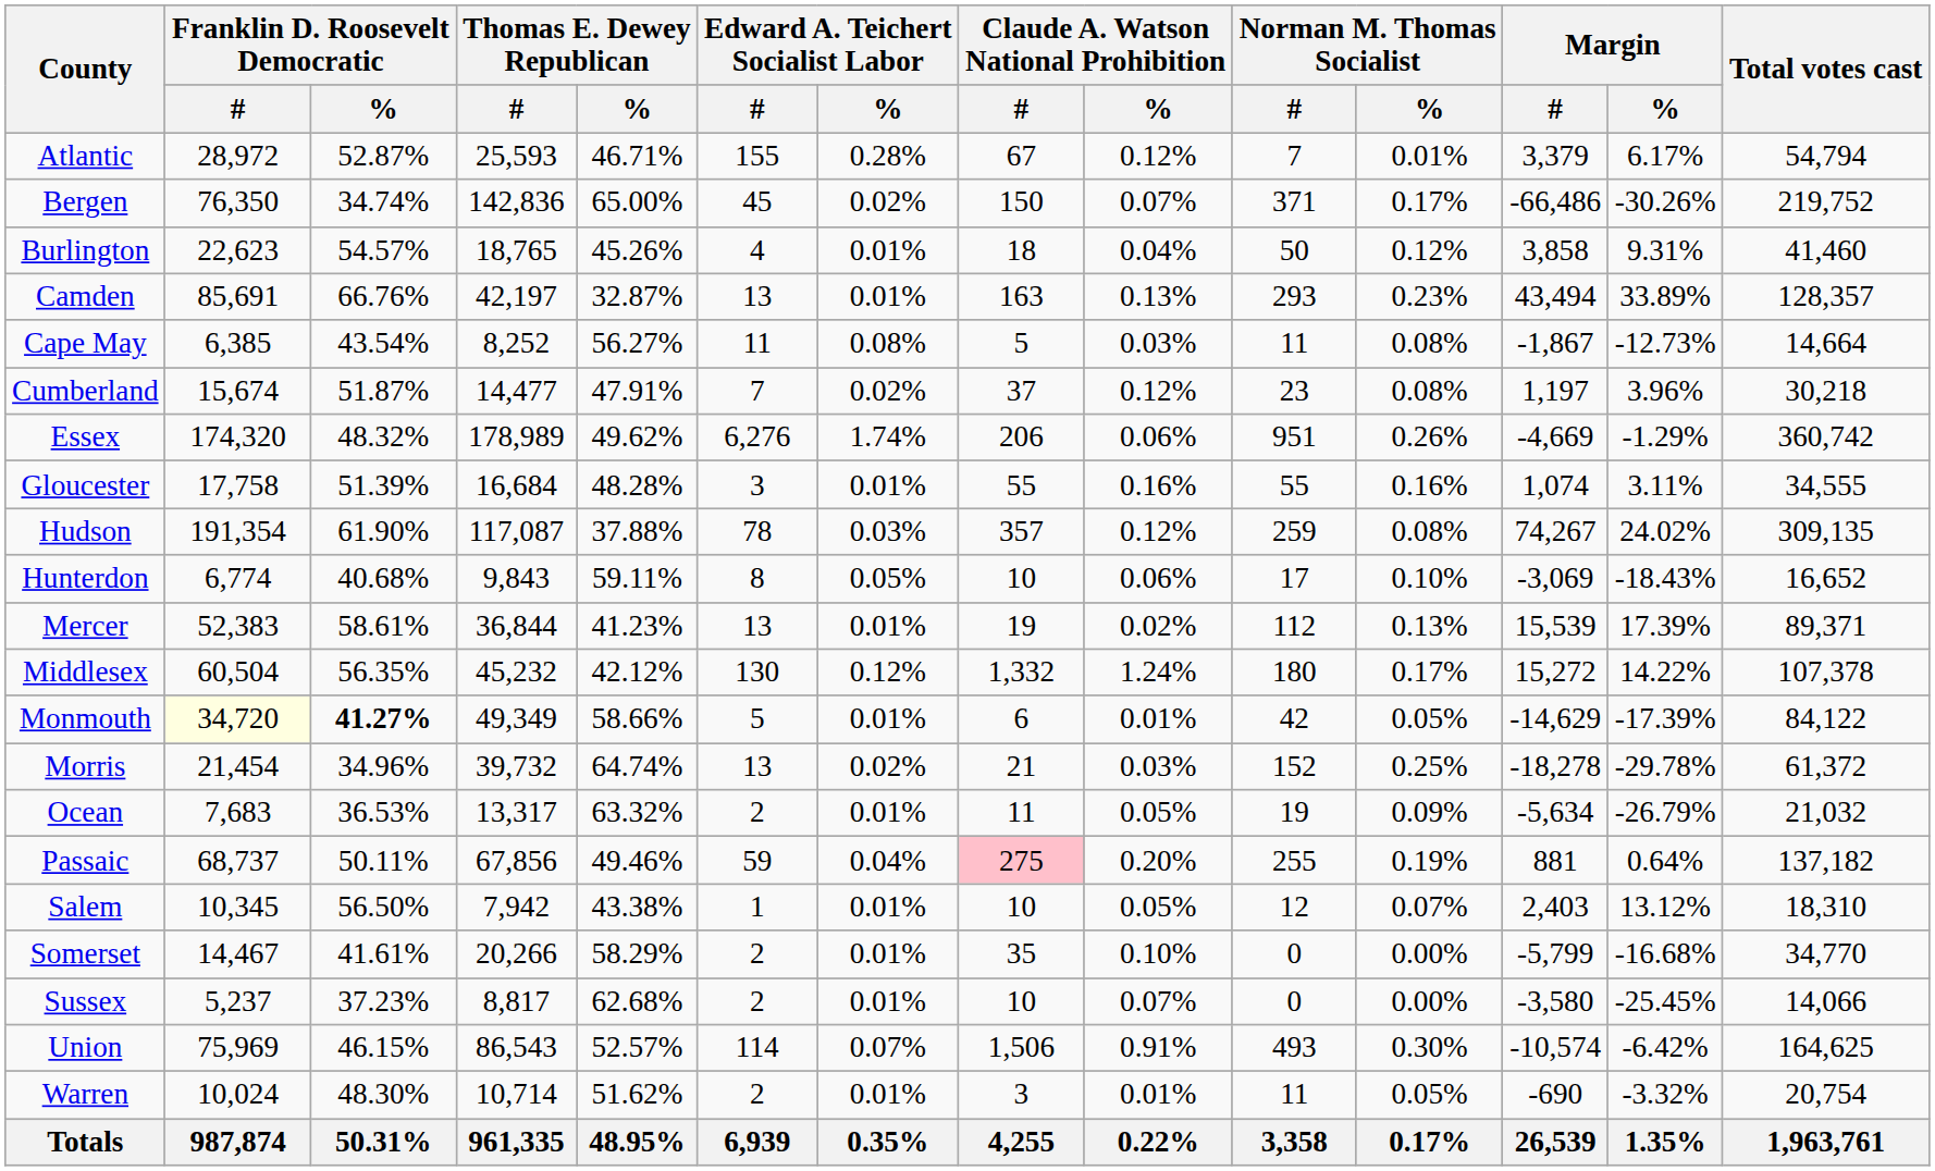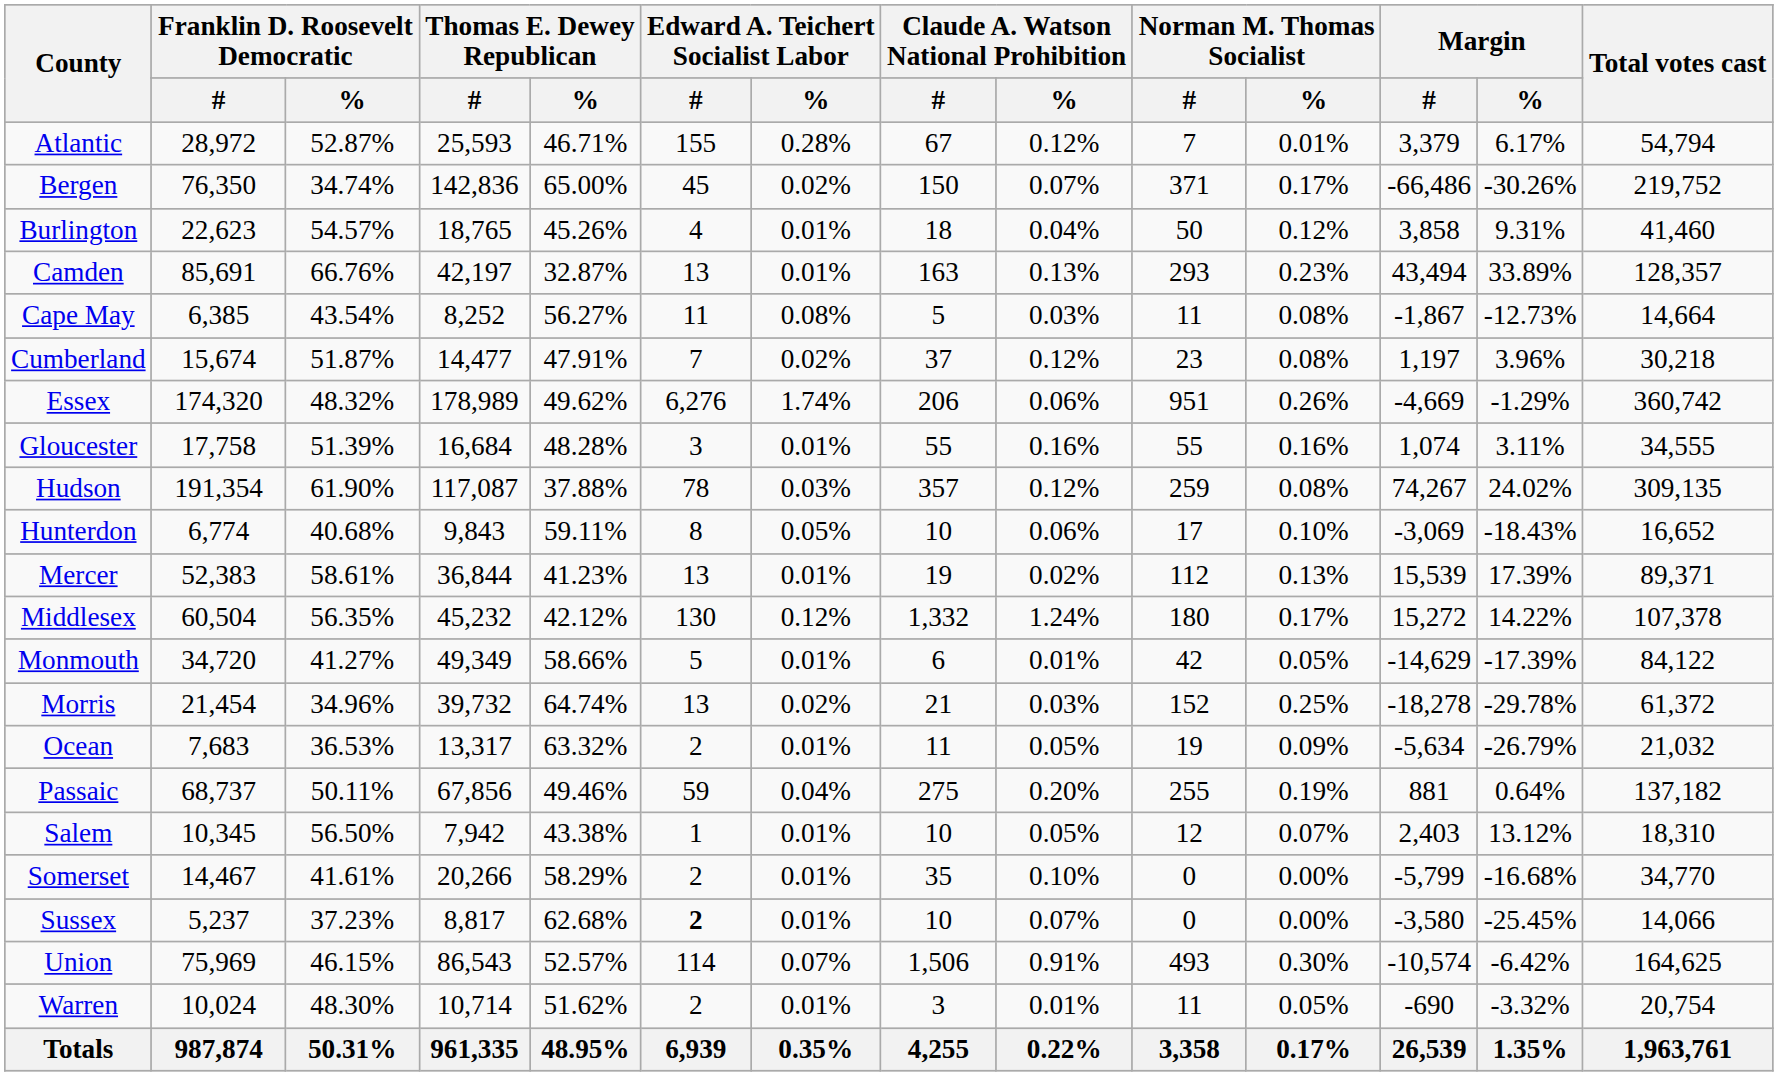 <table class="wikitable sortable">
 <tr>
 <th style="text-align:center;" rowspan="2">County</th>
 <th style="text-align:center;" colspan="2">Franklin D. Roosevelt<br>Democratic</th>
 <th style="text-align:center;" colspan="2">Thomas E. Dewey<br>Republican</th>
 <th style="text-align:center;" colspan="2">Edward A. Teichert<br>Socialist Labor</th>
 <th style="text-align:center;" colspan="2">Claude A. Watson<br>National Prohibition</th>
 <th style="text-align:center;" colspan="2">Norman M. Thomas<br>Socialist</th>
 <th style="text-align:center;" colspan="2">Margin</th>
 <th style="text-align:center;" rowspan="2">Total votes cast</th>
 </tr>
 <tr>
 <th data-sort-type="number">#</th>
 <th data-sort-type="number">%</th>
 <th data-sort-type="number">#</th>
 <th data-sort-type="number">%</th>
 <th data-sort-type="number">#</th>
 <th data-sort-type="number">%</th>
 <th data-sort-type="number">#</th>
 <th data-sort-type="number">%</th>
 <th data-sort-type="number">#</th>
 <th data-sort-type="number">%</th>
 <th data-sort-type="number">#</th>
 <th data-sort-type="number">%</th>
 </tr>
 <tr style="text-align:center;">
 <td><a href='#'>Atlantic</a></td>
 <td>28,972</td>
 <td>52.87%</td>
 <td>25,593</td>
 <td>46.71%</td>
 <td>155</td>
 <td>0.28%</td>
 <td>67</td>
 <td>0.12%</td>
 <td>7</td>
 <td>0.01%</td>
 <td>3,379</td>
 <td>6.17%</td>
 <td>54,794</td>
 </tr>
 <tr style="text-align:center;">
 <td><a href='#'>Bergen</a></td>
 <td>76,350</td>
 <td>34.74%</td>
 <td>142,836</td>
 <td>65.00%</td>
 <td>45</td>
 <td>0.02%</td>
 <td>150</td>
 <td>0.07%</td>
 <td>371</td>
 <td>0.17%</td>
 <td>-66,486</td>
 <td>-30.26%</td>
 <td>219,752</td>
 </tr>
 <tr style="text-align:center;">
 <td><a href='#'>Burlington</a></td>
 <td>22,623</td>
 <td>54.57%</td>
 <td>18,765</td>
 <td>45.26%</td>
 <td>4</td>
 <td>0.01%</td>
 <td>18</td>
 <td>0.04%</td>
 <td>50</td>
 <td>0.12%</td>
 <td>3,858</td>
 <td>9.31%</td>
 <td>41,460</td>
 </tr>
 <tr style="text-align:center;">
 <td><a href='#'>Camden</a></td>
 <td>85,691</td>
 <td>66.76%</td>
 <td>42,197</td>
 <td>32.87%</td>
 <td>13</td>
 <td>0.01%</td>
 <td>163</td>
 <td>0.13%</td>
 <td>293</td>
 <td>0.23%</td>
 <td>43,494</td>
 <td>33.89%</td>
 <td>128,357</td>
 </tr>
 <tr style="text-align:center;">
 <td><a href='#'>Cape May</a></td>
 <td>6,385</td>
 <td>43.54%</td>
 <td>8,252</td>
 <td>56.27%</td>
 <td>11</td>
 <td>0.08%</td>
 <td>5</td>
 <td>0.03%</td>
 <td>11</td>
 <td>0.08%</td>
 <td>-1,867</td>
 <td>-12.73%</td>
 <td>14,664</td>
 </tr>
 <tr style="text-align:center;">
 <td><a href='#'>Cumberland</a></td>
 <td>15,674</td>
 <td>51.87%</td>
 <td>14,477</td>
 <td>47.91%</td>
 <td>7</td>
 <td>0.02%</td>
 <td>37</td>
 <td>0.12%</td>
 <td>23</td>
 <td>0.08%</td>
 <td>1,197</td>
 <td>3.96%</td>
 <td>30,218</td>
 </tr>
 <tr style="text-align:center;">
 <td><a href='#'>Essex</a></td>
 <td>174,320</td>
 <td>48.32%</td>
 <td>178,989</td>
 <td>49.62%</td>
 <td>6,276</td>
 <td>1.74%</td>
 <td>206</td>
 <td>0.06%</td>
 <td>951</td>
 <td>0.26%</td>
 <td>-4,669</td>
 <td>-1.29%</td>
 <td>360,742</td>
 </tr>
 <tr style="text-align:center;">
 <td><a href='#'>Gloucester</a></td>
 <td>17,758</td>
 <td>51.39%</td>
 <td>16,684</td>
 <td>48.28%</td>
 <td>3</td>
 <td>0.01%</td>
 <td>55</td>
 <td>0.16%</td>
 <td>55</td>
 <td>0.16%</td>
 <td>1,074</td>
 <td>3.11%</td>
 <td>34,555</td>
 </tr>
 <tr style="text-align:center;">
 <td><a href='#'>Hudson</a></td>
 <td>191,354</td>
 <td>61.90%</td>
 <td>117,087</td>
 <td>37.88%</td>
 <td>78</td>
 <td>0.03%</td>
 <td>357</td>
 <td>0.12%</td>
 <td>259</td>
 <td>0.08%</td>
 <td>74,267</td>
 <td>24.02%</td>
 <td>309,135</td>
 </tr>
 <tr style="text-align:center;">
 <td><a href='#'>Hunterdon</a></td>
 <td>6,774</td>
 <td>40.68%</td>
 <td>9,843</td>
 <td>59.11%</td>
 <td>8</td>
 <td>0.05%</td>
 <td>10</td>
 <td>0.06%</td>
 <td>17</td>
 <td>0.10%</td>
 <td>-3,069</td>
 <td>-18.43%</td>
 <td>16,652</td>
 </tr>
 <tr style="text-align:center;">
 <td><a href='#'>Mercer</a></td>
 <td>52,383</td>
 <td>58.61%</td>
 <td>36,844</td>
 <td>41.23%</td>
 <td>13</td>
 <td>0.01%</td>
 <td>19</td>
 <td>0.02%</td>
 <td>112</td>
 <td>0.13%</td>
 <td>15,539</td>
 <td>17.39%</td>
 <td>89,371</td>
 </tr>
 <tr style="text-align:center;">
 <td><a href='#'>Middlesex</a></td>
 <td>60,504</td>
 <td>56.35%</td>
 <td>45,232</td>
 <td>42.12%</td>
 <td>130</td>
 <td>0.12%</td>
 <td>1,332</td>
 <td>1.24%</td>
 <td>180</td>
 <td>0.17%</td>
 <td>15,272</td>
 <td>14.22%</td>
 <td>107,378</td>
 </tr>
 <tr style="text-align:center;">
 <td><a href='#'>Monmouth</a></td>
-<td style="background: lightyellow;">34,720</td>
-<td><strong>41.27%</strong></td>
+<td>34,720</td>
+<td>41.27%</td>
 <td>49,349</td>
 <td>58.66%</td>
 <td>5</td>
 <td>0.01%</td>
 <td>6</td>
 <td>0.01%</td>
 <td>42</td>
 <td>0.05%</td>
 <td>-14,629</td>
 <td>-17.39%</td>
 <td>84,122</td>
 </tr>
 <tr style="text-align:center;">
 <td><a href='#'>Morris</a></td>
 <td>21,454</td>
 <td>34.96%</td>
 <td>39,732</td>
 <td>64.74%</td>
 <td>13</td>
 <td>0.02%</td>
 <td>21</td>
 <td>0.03%</td>
 <td>152</td>
 <td>0.25%</td>
 <td>-18,278</td>
 <td>-29.78%</td>
 <td>61,372</td>
 </tr>
 <tr style="text-align:center;">
 <td><a href='#'>Ocean</a></td>
 <td>7,683</td>
 <td>36.53%</td>
 <td>13,317</td>
 <td>63.32%</td>
 <td>2</td>
 <td>0.01%</td>
 <td>11</td>
 <td>0.05%</td>
 <td>19</td>
 <td>0.09%</td>
 <td>-5,634</td>
 <td>-26.79%</td>
 <td>21,032</td>
 </tr>
 <tr style="text-align:center;">
 <td><a href='#'>Passaic</a></td>
 <td>68,737</td>
 <td>50.11%</td>
 <td>67,856</td>
 <td>49.46%</td>
 <td>59</td>
 <td>0.04%</td>
-<td style="background: pink;">275</td>
+<td>275</td>
 <td>0.20%</td>
 <td>255</td>
 <td>0.19%</td>
 <td>881</td>
 <td>0.64%</td>
 <td>137,182</td>
 </tr>
 <tr style="text-align:center;">
 <td><a href='#'>Salem</a></td>
 <td>10,345</td>
 <td>56.50%</td>
 <td>7,942</td>
 <td>43.38%</td>
 <td>1</td>
 <td>0.01%</td>
 <td>10</td>
 <td>0.05%</td>
 <td>12</td>
 <td>0.07%</td>
 <td>2,403</td>
 <td>13.12%</td>
 <td>18,310</td>
 </tr>
 <tr style="text-align:center;">
 <td><a href='#'>Somerset</a></td>
 <td>14,467</td>
 <td>41.61%</td>
 <td>20,266</td>
 <td>58.29%</td>
 <td>2</td>
 <td>0.01%</td>
 <td>35</td>
 <td>0.10%</td>
 <td>0</td>
 <td>0.00%</td>
 <td>-5,799</td>
 <td>-16.68%</td>
 <td>34,770</td>
 </tr>
 <tr style="text-align:center;">
 <td><a href='#'>Sussex</a></td>
 <td>5,237</td>
 <td>37.23%</td>
 <td>8,817</td>
 <td>62.68%</td>
-<td>2</td>
+<td><strong>2</strong></td>
 <td>0.01%</td>
 <td>10</td>
 <td>0.07%</td>
 <td>0</td>
 <td>0.00%</td>
 <td>-3,580</td>
 <td>-25.45%</td>
 <td>14,066</td>
 </tr>
 <tr style="text-align:center;">
 <td><a href='#'>Union</a></td>
 <td>75,969</td>
 <td>46.15%</td>
 <td>86,543</td>
 <td>52.57%</td>
 <td>114</td>
 <td>0.07%</td>
 <td>1,506</td>
 <td>0.91%</td>
 <td>493</td>
 <td>0.30%</td>
 <td>-10,574</td>
 <td>-6.42%</td>
 <td>164,625</td>
 </tr>
 <tr style="text-align:center;">
 <td><a href='#'>Warren</a></td>
 <td>10,024</td>
 <td>48.30%</td>
 <td>10,714</td>
 <td>51.62%</td>
 <td>2</td>
 <td>0.01%</td>
 <td>3</td>
 <td>0.01%</td>
 <td>11</td>
 <td>0.05%</td>
 <td>-690</td>
 <td>-3.32%</td>
 <td>20,754</td>
 </tr>
 <tr style="text-align:center;">
 <th>Totals</th>
 <th>987,874</th>
 <th>50.31%</th>
 <th>961,335</th>
 <th>48.95%</th>
 <th>6,939</th>
 <th>0.35%</th>
 <th>4,255</th>
 <th>0.22%</th>
 <th>3,358</th>
 <th>0.17%</th>
 <th>26,539</th>
 <th>1.35%</th>
 <th>1,963,761</th>
 </tr>
 </table>
